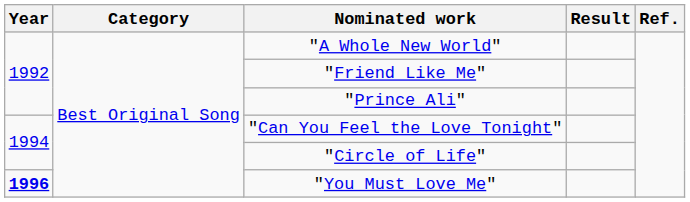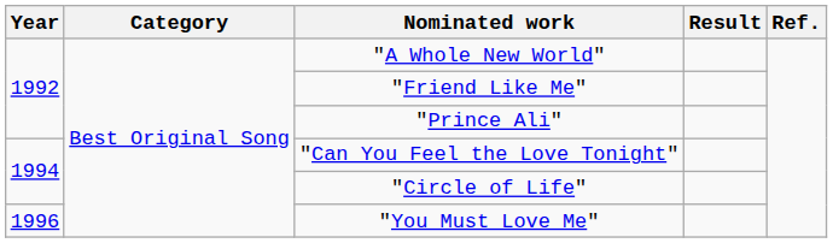 <table class="wikitable plainrowheaders" style="text-align:center;">
 <tr>
 <th>Year</th>
 <th>Category</th>
 <th>Nominated work</th>
 <th>Result</th>
 <th>Ref.</th>
 </tr>
 <tr>
 <td rowspan="3"><a href='#'>1992</a></td>
 <td rowspan="6"><a href='#'>Best Original Song</a></td>
 <td>"<a href='#'>A Whole New World</a>" </td>
 <td></td>
 <td rowspan="6"></td>
 </tr>
 <tr>
 <td>"<a href='#'>Friend Like Me</a>" </td>
 <td></td>
 </tr>
 <tr>
 <td>"<a href='#'>Prince Ali</a>" </td>
 <td></td>
 </tr>
 <tr>
 <td rowspan="2"><a href='#'>1994</a></td>
 <td>"<a href='#'>Can You Feel the Love Tonight</a>" </td>
 <td></td>
 </tr>
 <tr>
 <td>"<a href='#'>Circle of Life</a>" </td>
 <td></td>
 </tr>
 <tr>
-<td><strong><a href='#'>1996</a></strong></td>
+<td><a href='#'>1996</a></td>
 <td>"<a href='#'>You Must Love Me</a>" </td>
 <td></td>
 </tr>
 </table>
